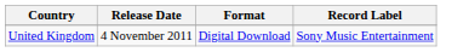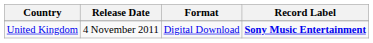 <table class="wikitable plainrowheaders sortable" style="text-align:center;">
 <tr>
 <th scope="col">Country</th>
 <th scope="col">Release Date</th>
 <th scope="col">Format</th>
 <th scope="col">Record Label</th>
 </tr>
 <tr>
 </tr>
 <tr>
 <td><a href='#'>United Kingdom</a></td>
 <td>4 November 2011</td>
 <td><a href='#'>Digital Download</a></td>
-<td><a href='#'>Sony Music Entertainment</a></td>
+<td><strong><a href='#'>Sony Music Entertainment</a></strong></td>
 </tr>
 </table>
